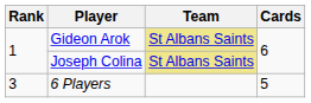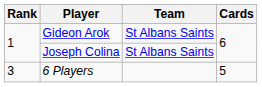 <table class="wikitable">
 <tr>
 <th>Rank</th>
 <th>Player</th>
 <th>Team</th>
 <th>Cards</th>
 </tr>
 <tr>
 <td rowspan="2">1</td>
 <td><a href='#'>Gideon Arok</a></td>
-<td style="background: khaki;"><a href='#'>St Albans Saints</a></td>
+<td><a href='#'>St Albans Saints</a></td>
 <td rowspan="2">6</td>
 </tr>
 <tr>
 <td><a href='#'>Joseph Colina</a></td>
-<td style="background: khaki;"><a href='#'>St Albans Saints</a></td>
+<td><a href='#'>St Albans Saints</a></td>
 </tr>
 <tr>
 <td rowspan="4">3</td>
 <td><em>6 Players</em></td>
 <td></td>
 <td rowspan="4">5</td>
 </tr>
 </table>
